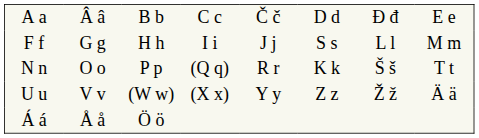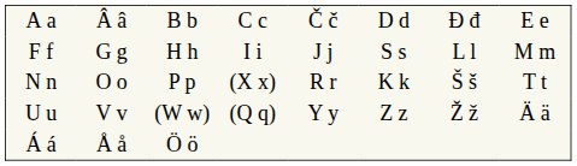 <table style="font-family:Arial Unicode MS; font-size:1.4em; border-color:#000000; border-width:1px; border-style:solid; border-collapse:collapse; background-color:#F8F8EF">
 <tr>
 <td style="width:3em; text-align:center; padding: 3px;">А а</td>
 <td style="width:3em; text-align:center; padding: 3px;">Â â</td>
 <td style="width:3em; text-align:center; padding: 3px;">B b</td>
 <td style="width:3em; text-align:center; padding: 3px;">C c</td>
 <td style="width:3em; text-align:center; padding: 3px;">Č č</td>
 <td style="width:3em; text-align:center; padding: 3px;">D d</td>
 <td style="width:3em; text-align:center; padding: 3px;">Đ đ</td>
 <td style="width:3em; text-align:center; padding: 3px;">E e</td>
 </tr>
 <tr>
 <td style="width:3em; text-align:center; padding: 3px;">F f</td>
 <td style="width:3em; text-align:center; padding: 3px;">G g</td>
 <td style="width:3em; text-align:center; padding: 3px;">H h</td>
 <td style="width:3em; text-align:center; padding: 3px;">I i</td>
 <td style="width:3em; text-align:center; padding: 3px;">J j</td>
 <td style="width:3em; text-align:center; padding: 3px;">S s</td>
 <td style="width:3em; text-align:center; padding: 3px;">L l</td>
 <td style="width:3em; text-align:center; padding: 3px;">M m</td>
 </tr>
 <tr>
 <td style="width:3em; text-align:center; padding: 3px;">N n</td>
 <td style="width:3em; text-align:center; padding: 3px;">O o</td>
 <td style="width:3em; text-align:center; padding: 3px;">P p</td>
-<td style="width:3em; text-align:center; padding: 3px;">(Q q)</td>
+<td style="width:3em; text-align:center; padding: 3px;">(X x)</td>
 <td style="width:3em; text-align:center; padding: 3px;">R r</td>
 <td style="width:3em; text-align:center; padding: 3px;">K k</td>
 <td style="width:3em; text-align:center; padding: 3px;">Š š</td>
 <td style="width:3em; text-align:center; padding: 3px;">T t</td>
 </tr>
 <tr>
 <td style="width:3em; text-align:center; padding: 3px;">U u</td>
 <td style="width:3em; text-align:center; padding: 3px;">V v</td>
 <td style="width:3em; text-align:center; padding: 3px;">(W w)</td>
-<td style="width:3em; text-align:center; padding: 3px;">(X x)</td>
+<td style="width:3em; text-align:center; padding: 3px;">(Q q)</td>
 <td style="width:3em; text-align:center; padding: 3px;">Y y</td>
 <td style="width:3em; text-align:center; padding: 3px;">Z z</td>
 <td style="width:3em; text-align:center; padding: 3px;">Ž ž</td>
 <td style="width:3em; text-align:center; padding: 3px;">Ä ä</td>
 </tr>
 <tr>
 <td style="width:3em; text-align:center; padding: 3px;">Á á</td>
 <td style="width:3em; text-align:center; padding: 3px;">Å å</td>
 <td style="width:3em; text-align:center; padding: 3px;">Ö ö</td>
 <td></td>
 <td></td>
 <td></td>
 <td></td>
 <td></td>
 </tr>
 </table>
